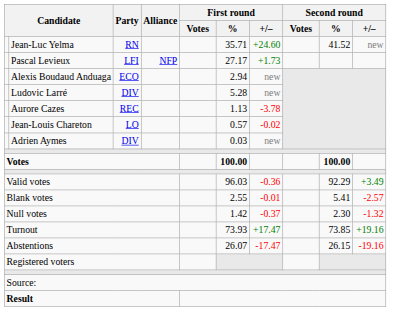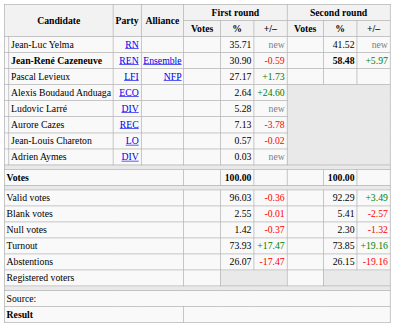 <table class="wikitable" style="text-align:right;font-size:95%;">
 <tr>
 <th rowspan="2" colspan="2">Candidate</th>
 <th colspan="1" rowspan="2">Party</th>
 <th colspan="1" rowspan="2">Alliance</th>
 <th colspan="3">First round</th>
 <th colspan="3">Second round</th>
 </tr>
 <tr>
 <th style="width:50px;">Votes</th>
 <th style="width:45px;">%</th>
 <th style="width:45px;">+/–</th>
 <th style="width:50px;">Votes</th>
 <th style="width:45px;">%</th>
 <th style="width:45px;">+/–</th>
 </tr>
 <tr>
 <td style="color:inherit;background:"></td>
 <td style="text-align:left;">Jean-Luc Yelma</td>
 <td><a href='#'>RN</a></td>
 <td></td>
 <td></td>
 <td>35.71</td>
-<td style="color:green;">+24.60</td>
+<td style="color:grey;">new</td>
 <td></td>
 <td>41.52</td>
 <td style="color:grey;">new</td>
+</tr>
+<tr>
+<td style="color:inherit;background:"></td>
+<td style="text-align:left;"><strong>Jean-René Cazeneuve</strong></td>
+<td><a href='#'>REN</a></td>
+<td><a href='#'>Ensemble</a></td>
+<td></td>
+<td>30.90</td>
+<td style="color:red;">-0.59</td>
+<td><strong></strong></td>
+<td><strong>58.48</strong></td>
+<td style="color:green;">+5.97</td>
 </tr>
 <tr>
 <td style="color:inherit;background:"></td>
 <td style="text-align:left;">Pascal Levieux</td>
 <td><a href='#'>LFI</a></td>
 <td><a href='#'>NFP</a></td>
 <td></td>
 <td>27.17</td>
 <td style="color:green;">+1.73</td>
 <td></td>
 <td></td>
 <td style="color:grey;"></td>
 </tr>
 <tr>
 <td style="color:inherit;background:"></td>
 <td style="text-align:left;">Alexis Boudaud Anduaga</td>
 <td><a href='#'>ECO</a></td>
 <td></td>
 <td></td>
-<td>2.94</td>
-<td style="color:grey;">new</td>
+<td>2.64</td>
+<td style="color:green;">+24.60</td>
 <td colspan="3" rowspan="5" style="background:#E9E9E9;"></td>
 </tr>
 <tr>
 <td style="color:inherit;background:"></td>
 <td style="text-align:left;">Ludovic Larré</td>
 <td><a href='#'>DIV</a></td>
 <td></td>
 <td></td>
 <td>5.28</td>
 <td style="color:grey;">new</td>
 </tr>
 <tr>
 <td style="color:inherit;background:"></td>
 <td style="text-align:left;">Aurore Cazes</td>
 <td><a href='#'>REC</a></td>
 <td></td>
 <td></td>
-<td>1.13</td>
+<td>7.13</td>
 <td style="color:red;">-3.78</td>
 </tr>
 <tr>
 <td style="color:inherit;background:"></td>
 <td style="text-align:left;">Jean-Louis Chareton</td>
 <td><a href='#'>LO</a></td>
 <td></td>
 <td></td>
 <td>0.57</td>
 <td style="color:red;">-0.02</td>
 </tr>
 <tr>
 <td style="color:inherit;background:"></td>
 <td style="text-align:left;">Adrien Aymes</td>
 <td><a href='#'>DIV</a></td>
 <td></td>
 <td></td>
 <td>0.03</td>
 <td style="color:grey;">new</td>
 </tr>
 <tr>
 <td colspan="10" style="background:#E9E9E9;"></td>
 </tr>
 <tr style="font-weight:bold;">
 <td colspan="4" style="text-align:left;">Votes</td>
 <td></td>
 <td>100.00</td>
 <td></td>
 <td></td>
 <td>100.00</td>
 <td></td>
 </tr>
 <tr>
 <td colspan="10" style="background:#E9E9E9;"></td>
 </tr>
 <tr>
 <td colspan="4" style="text-align:left;">Valid votes</td>
 <td></td>
 <td>96.03</td>
 <td style="color:red;">-0.36</td>
 <td></td>
 <td>92.29</td>
 <td style="color:green;">+3.49</td>
 </tr>
 <tr>
 <td colspan="4" style="text-align:left;">Blank votes</td>
 <td></td>
 <td>2.55</td>
 <td style="color:red;">-0.01</td>
 <td></td>
 <td>5.41</td>
 <td style="color:red;">-2.57</td>
 </tr>
 <tr>
 <td colspan="4" style="text-align:left;">Null votes</td>
 <td></td>
 <td>1.42</td>
 <td style="color:red;">-0.37</td>
 <td></td>
 <td>2.30</td>
 <td style="color:red;">-1.32</td>
 </tr>
 <tr>
 <td colspan="4" style="text-align:left;">Turnout</td>
 <td></td>
 <td>73.93</td>
 <td style="color:green;">+17.47</td>
 <td></td>
 <td>73.85</td>
 <td style="color:green;">+19.16</td>
 </tr>
 <tr>
 <td colspan="4" style="text-align:left;">Abstentions</td>
 <td></td>
 <td>26.07</td>
 <td style="color:red;">-17.47</td>
 <td></td>
 <td>26.15</td>
 <td style="color:red;">-19.16</td>
 </tr>
 <tr>
 <td colspan="4" style="text-align:left;">Registered voters</td>
 <td></td>
 <td colspan="2" style="background:#E9E9E9;"></td>
 <td></td>
 <td colspan="2" style="background:#E9E9E9;"></td>
 </tr>
 <tr>
 <td colspan="10" style="background:#E9E9E9;"></td>
 </tr>
 <tr>
 <td colspan="10" style="text-align:left;">Source: </td>
 </tr>
 <tr style="font-weight:bold">
 <td colspan="4" style="text-align:left;">Result</td>
 <td colspan="6" style="background-color:"></td>
 </tr>
 </table>
